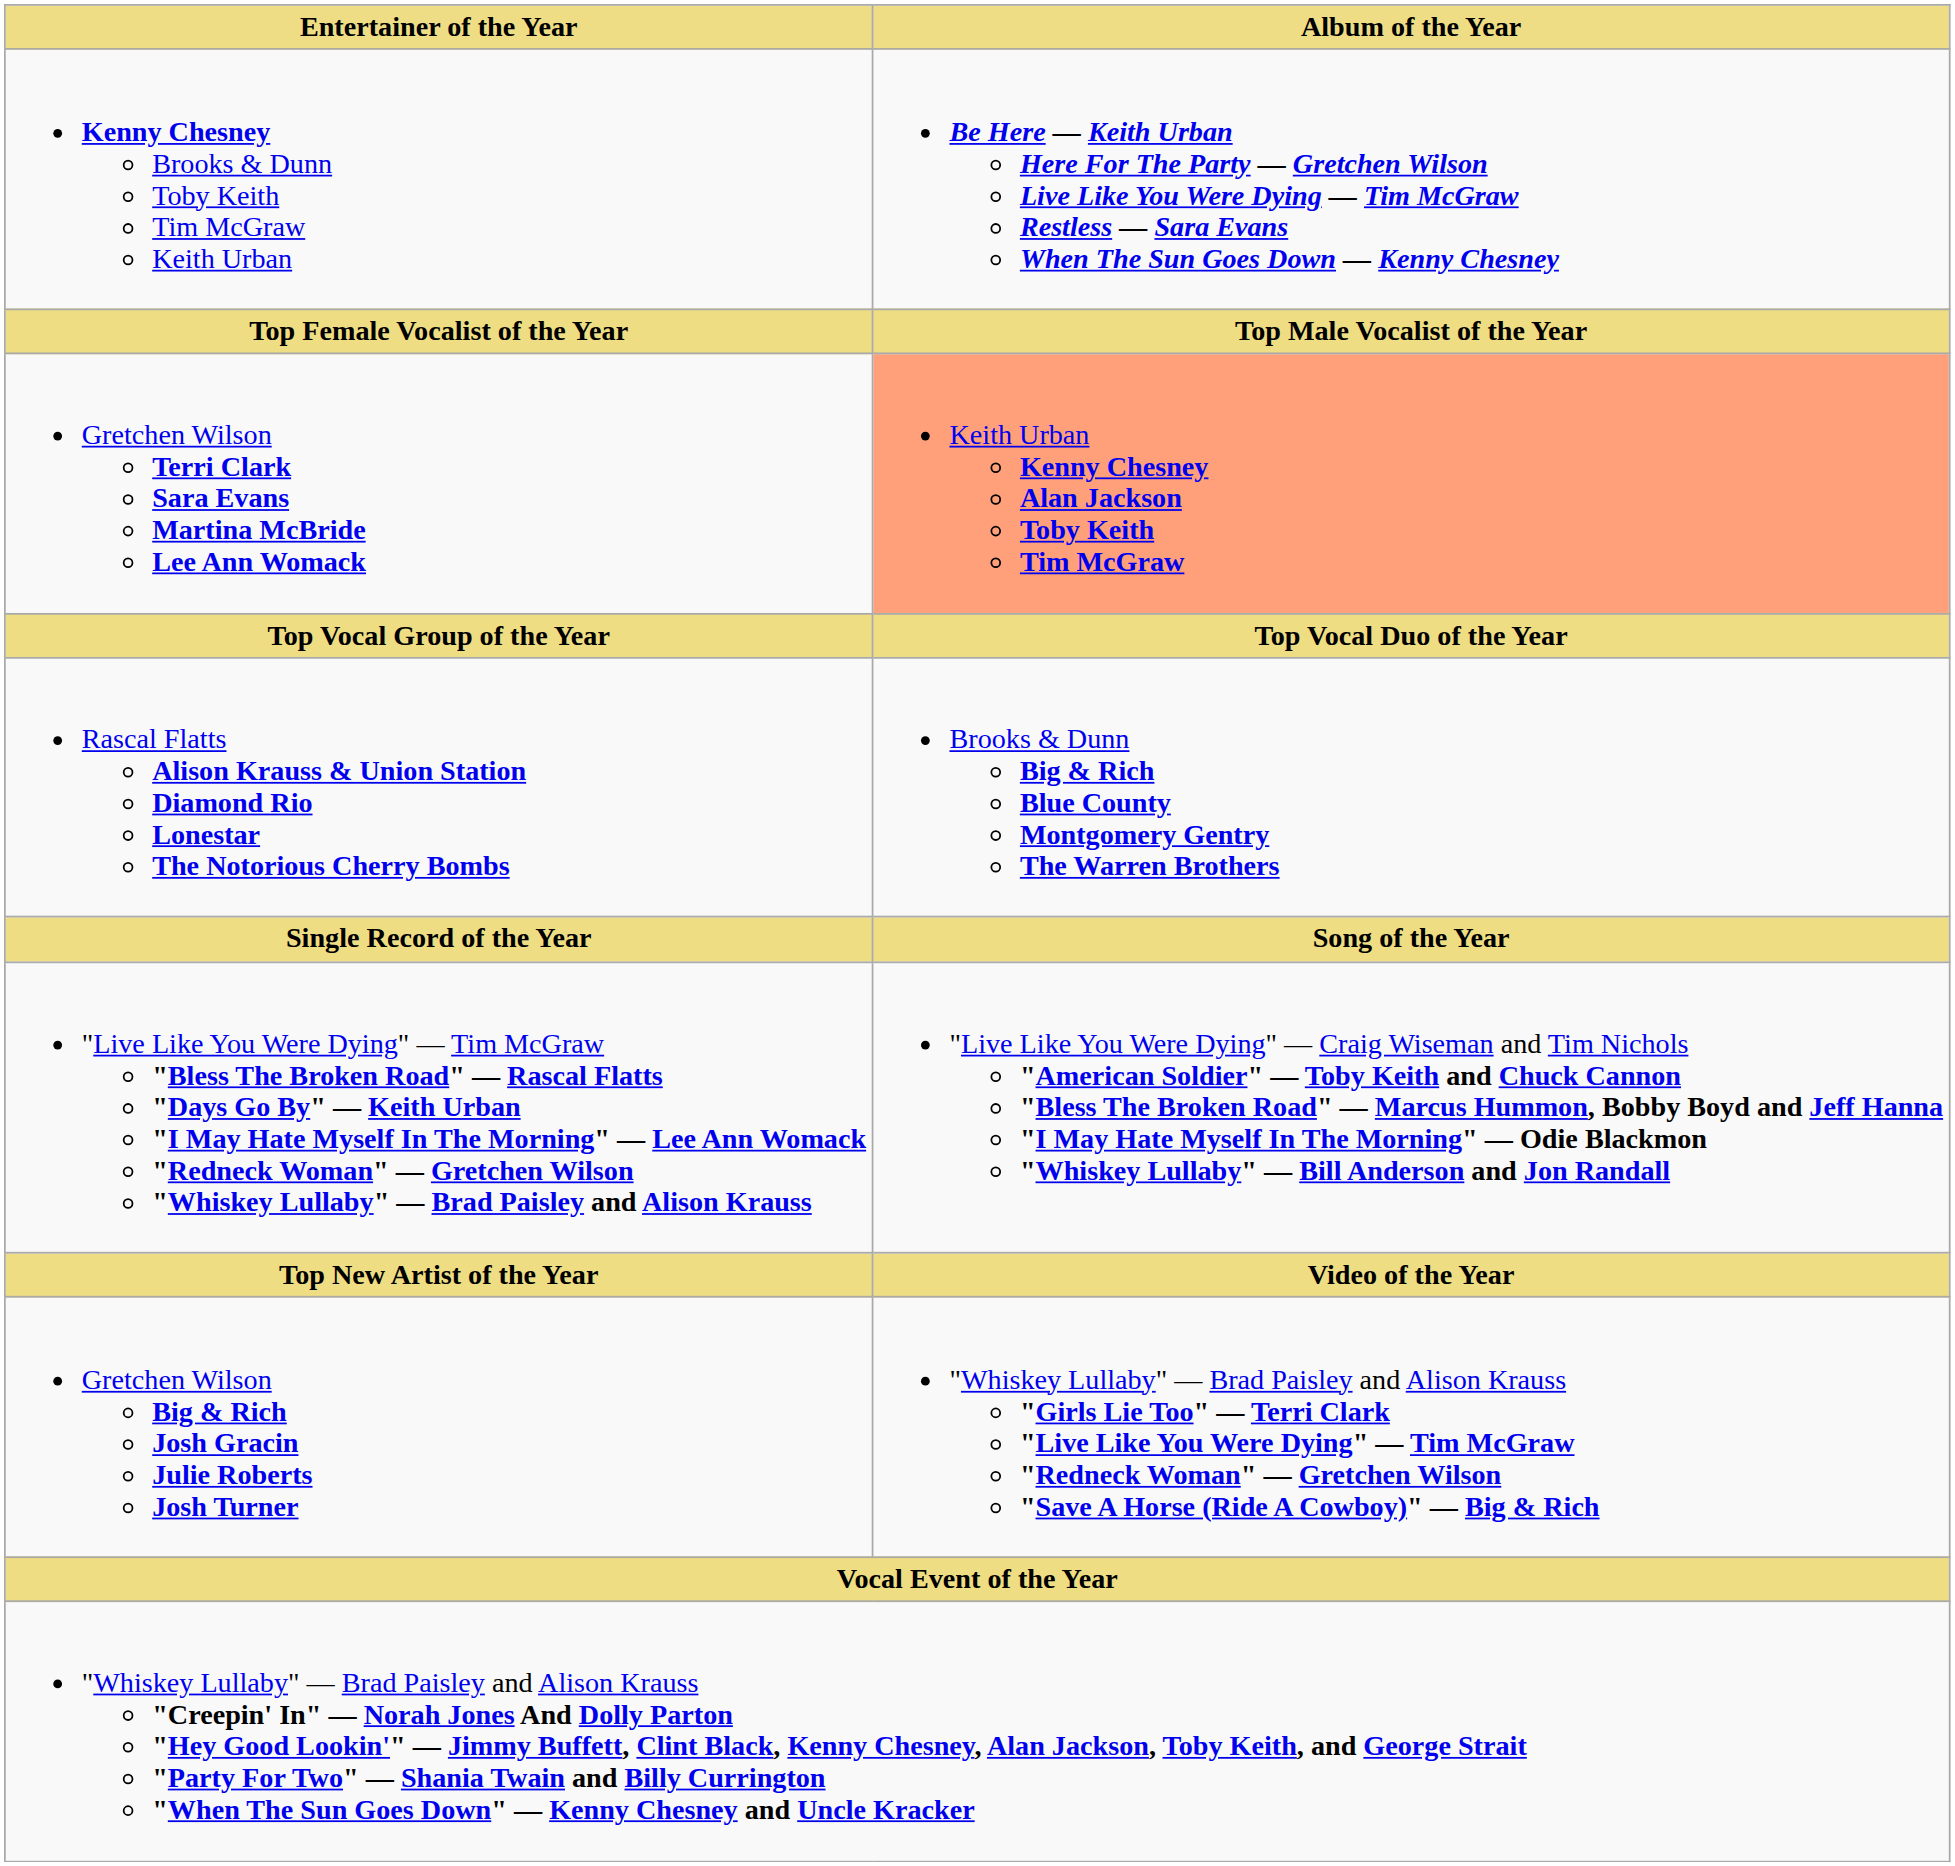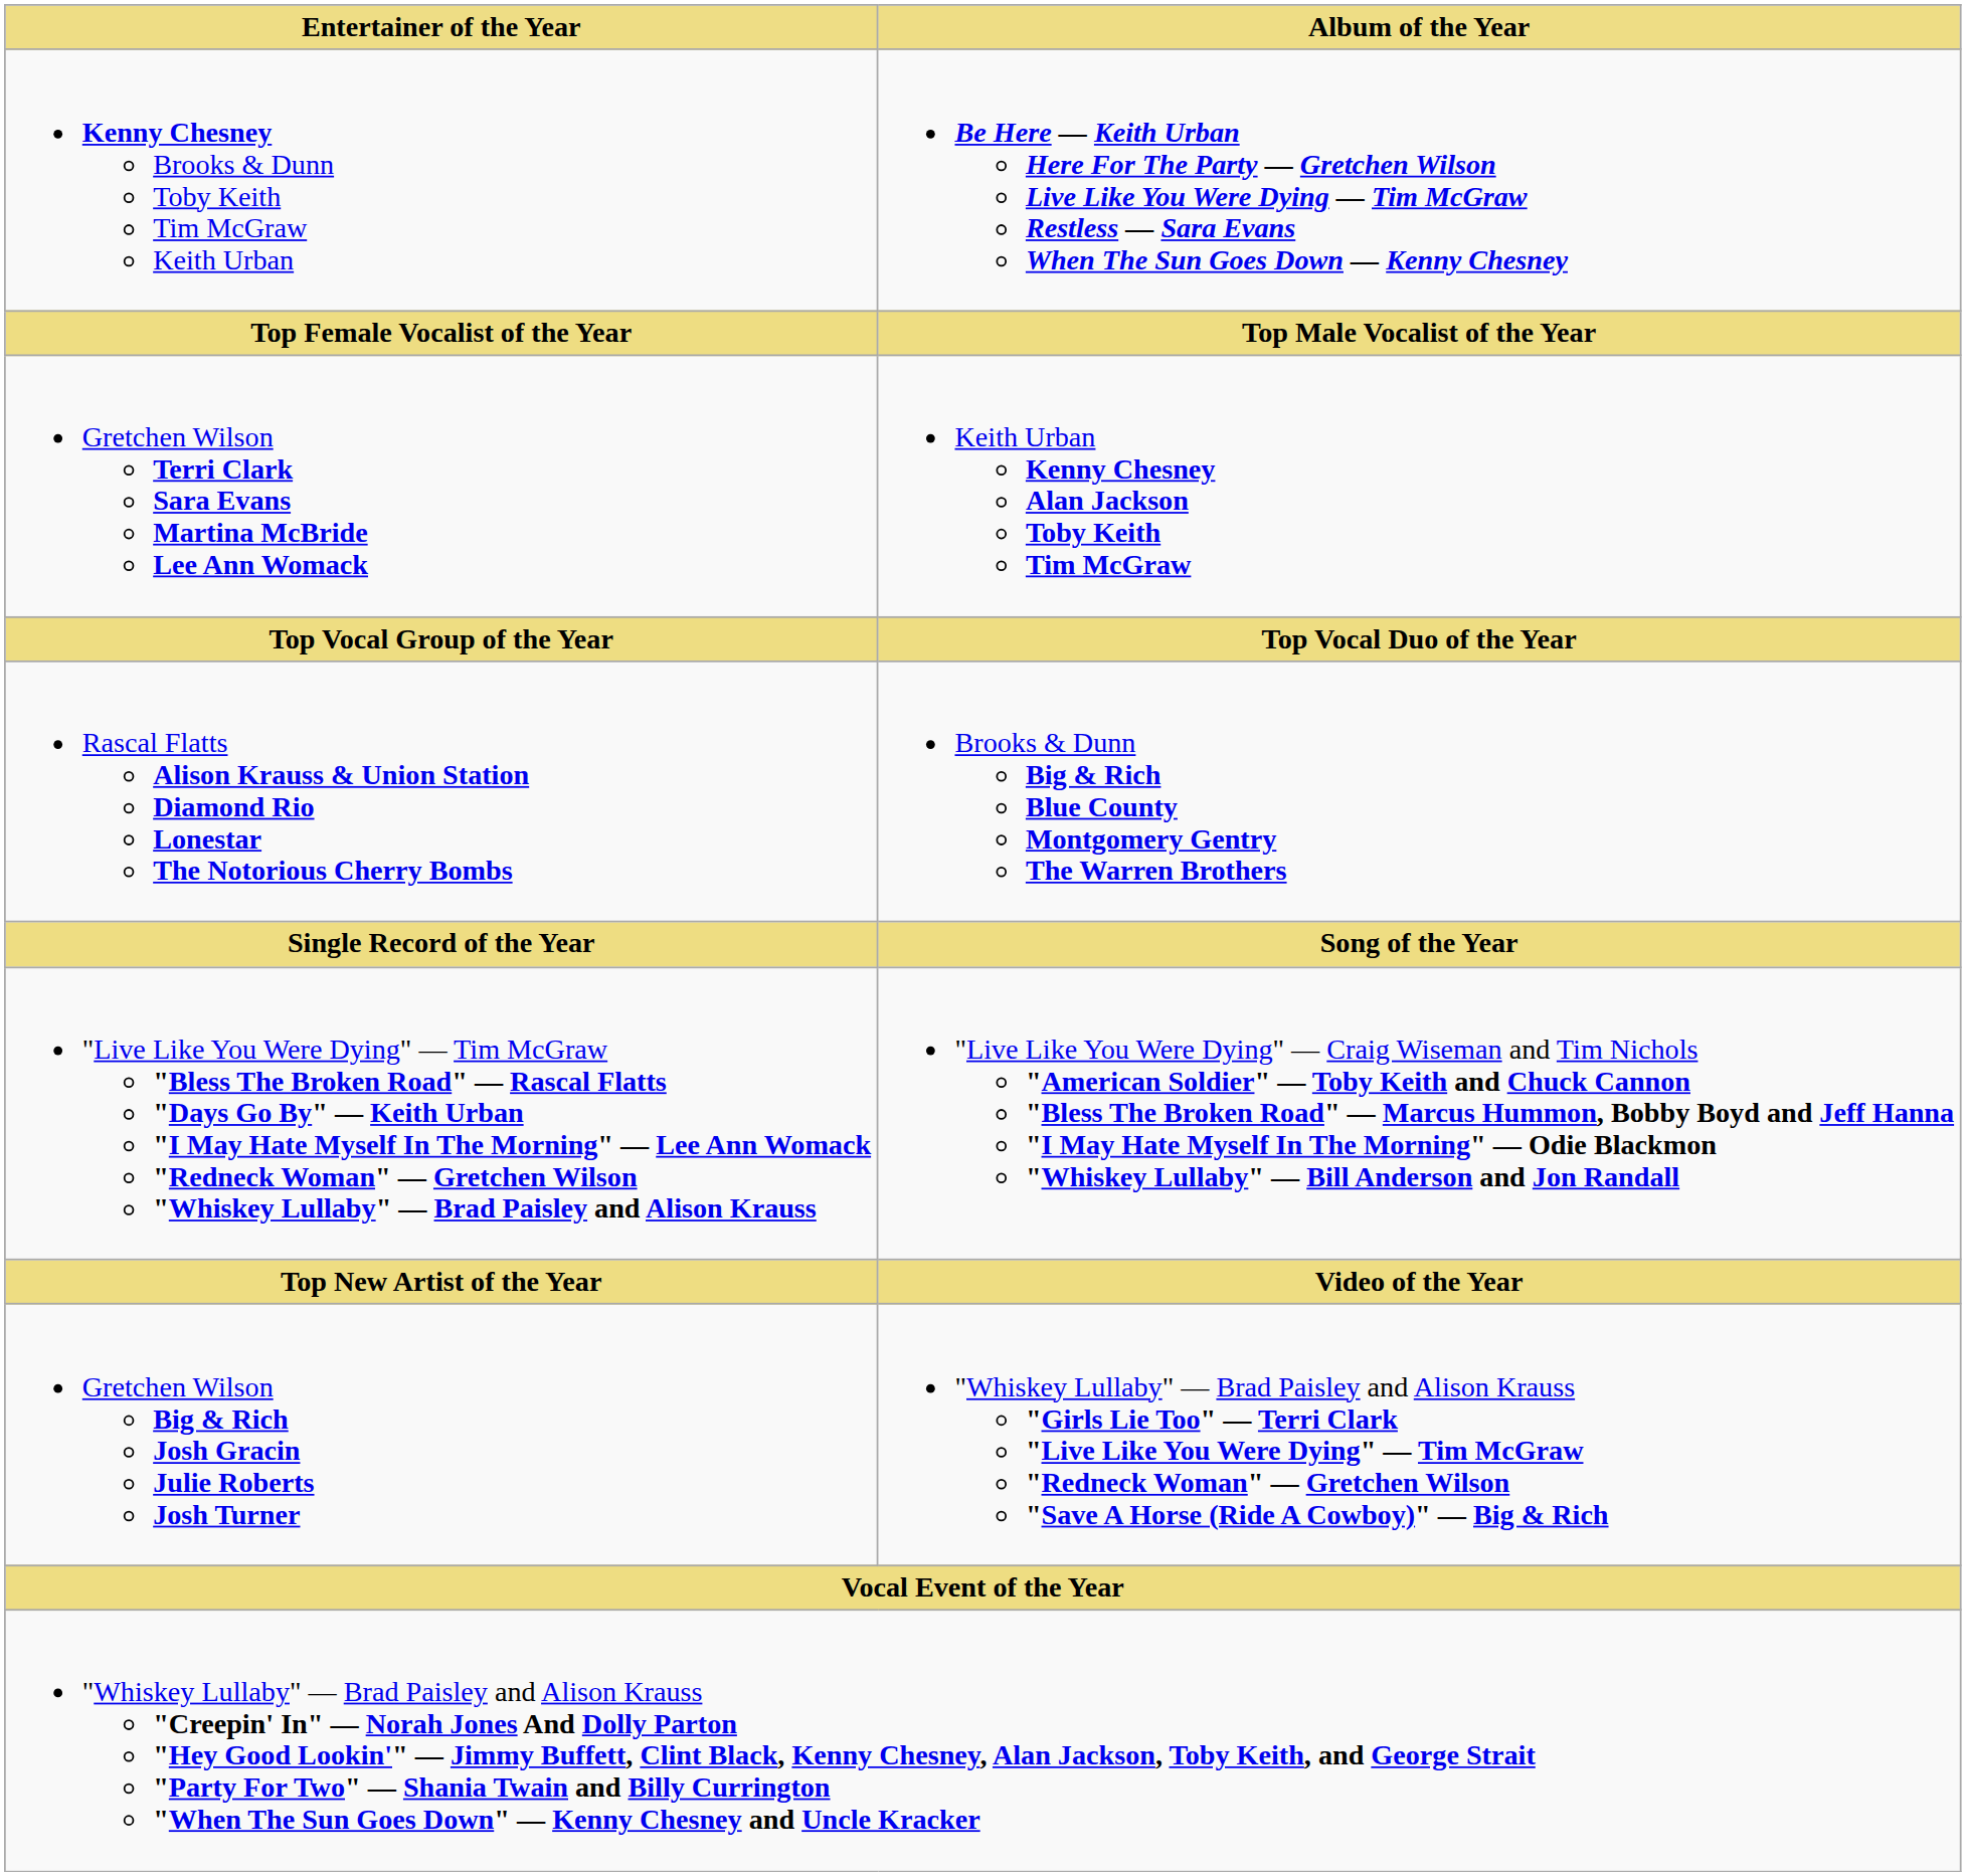 <table class="wikitable">
 <tr>
 <th style="background:#EEDD85; width=50%">Entertainer of the Year</th>
 <th style="background:#EEDD85; width=50%">Album of the Year</th>
 </tr>
 <tr>
 <td valign="top"><br><ul><li><strong><a href='#'>Kenny Chesney</a></strong><ul><li><a href='#'>Brooks & Dunn</a></li><li><a href='#'>Toby Keith</a></li><li><a href='#'>Tim McGraw</a></li><li><a href='#'>Keith Urban</a></li></ul></li></ul></td>
 <td valign="top"><br><ul><li><strong><em><a href='#'>Be Here</a><em> — <a href='#'>Keith Urban</a><strong><ul><li></em><a href='#'>Here For The Party</a><em> — <a href='#'>Gretchen Wilson</a></li><li></em><a href='#'>Live Like You Were Dying</a><em> — <a href='#'>Tim McGraw</a></li><li></em><a href='#'>Restless</a><em> — <a href='#'>Sara Evans</a></li><li></em><a href='#'>When The Sun Goes Down</a><em> — <a href='#'>Kenny Chesney</a></li></ul></li></ul></td>
 </tr>
 <tr>
 <th style="background:#EEDD82; width=50%">Top Female Vocalist of the Year</th>
 <th style="background:#EEDD82; width=50%">Top Male Vocalist of the Year</th>
 </tr>
 <tr>
 <td valign="top"><br><ul><li></strong><a href='#'>Gretchen Wilson</a><strong><ul><li><a href='#'>Terri Clark</a></li><li><a href='#'>Sara Evans</a></li><li><a href='#'>Martina McBride</a></li><li><a href='#'>Lee Ann Womack</a></li></ul></li></ul></td>
-<td valign="top" style="background: lightsalmon;"><br><ul><li></strong><a href='#'>Keith Urban</a><strong><ul><li><a href='#'>Kenny Chesney</a></li><li><a href='#'>Alan Jackson</a></li><li><a href='#'>Toby Keith</a></li><li><a href='#'>Tim McGraw</a></li></ul></li></ul></td>
+<td valign="top"><br><ul><li></strong><a href='#'>Keith Urban</a><strong><ul><li><a href='#'>Kenny Chesney</a></li><li><a href='#'>Alan Jackson</a></li><li><a href='#'>Toby Keith</a></li><li><a href='#'>Tim McGraw</a></li></ul></li></ul></td>
 </tr>
 <tr>
 <th style="background:#EEDD82; width=50%">Top Vocal Group of the Year</th>
 <th style="background:#EEDD82; width=50%">Top Vocal Duo of the Year</th>
 </tr>
 <tr>
 <td valign="top"><br><ul><li></strong><a href='#'>Rascal Flatts</a><strong><ul><li><a href='#'>Alison Krauss & Union Station</a></li><li><a href='#'>Diamond Rio</a></li><li><a href='#'>Lonestar</a></li><li><a href='#'>The Notorious Cherry Bombs</a></li></ul></li></ul></td>
 <td valign="top"><br><ul><li></strong><a href='#'>Brooks & Dunn</a><strong><ul><li><a href='#'>Big & Rich</a></li><li><a href='#'>Blue County</a></li><li><a href='#'>Montgomery Gentry</a></li><li><a href='#'>The Warren Brothers</a></li></ul></li></ul></td>
 </tr>
 <tr>
 <th style="background:#EEDD82; width=50%">Single Record of the Year</th>
 <th style="background:#EEDD82; width=50%">Song of the Year</th>
 </tr>
 <tr>
 <td valign="top"><br><ul><li></strong>"<a href='#'>Live Like You Were Dying</a>" — <a href='#'>Tim McGraw</a><strong><ul><li>"<a href='#'>Bless The Broken Road</a>" — <a href='#'>Rascal Flatts</a></li><li>"<a href='#'>Days Go By</a>" — <a href='#'>Keith Urban</a></li><li>"<a href='#'>I May Hate Myself In The Morning</a>" — <a href='#'>Lee Ann Womack</a></li><li>"<a href='#'>Redneck Woman</a>" — <a href='#'>Gretchen Wilson</a></li><li>"<a href='#'>Whiskey Lullaby</a>" — <a href='#'>Brad Paisley</a> and <a href='#'>Alison Krauss</a></li></ul></li></ul></td>
 <td valign="top"><br><ul><li></strong>"<a href='#'>Live Like You Were Dying</a>" — <a href='#'>Craig Wiseman</a> and <a href='#'>Tim Nichols</a><strong><ul><li>"<a href='#'>American Soldier</a>" — <a href='#'>Toby Keith</a> and <a href='#'>Chuck Cannon</a></li><li>"<a href='#'>Bless The Broken Road</a>" — <a href='#'>Marcus Hummon</a>, Bobby Boyd and <a href='#'>Jeff Hanna</a></li><li>"<a href='#'>I May Hate Myself In The Morning</a>" — Odie Blackmon</li><li>"<a href='#'>Whiskey Lullaby</a>" — <a href='#'>Bill Anderson</a> and <a href='#'>Jon Randall</a></li></ul></li></ul></td>
 </tr>
 <tr>
 <th style="background:#EEDD82; width=50%">Top New Artist of the Year</th>
 <th style="background:#EEDD82; width=50%">Video of the Year</th>
 </tr>
 <tr>
 <td valign="top"><br><ul><li></strong><a href='#'>Gretchen Wilson</a><strong><ul><li><a href='#'>Big & Rich</a></li><li><a href='#'>Josh Gracin</a></li><li><a href='#'>Julie Roberts</a></li><li><a href='#'>Josh Turner</a></li></ul></li></ul></td>
 <td valign="top"><br><ul><li></strong>"<a href='#'>Whiskey Lullaby</a>" — <a href='#'>Brad Paisley</a> and <a href='#'>Alison Krauss</a><strong><ul><li>"<a href='#'>Girls Lie Too</a>" — <a href='#'>Terri Clark</a></li><li>"<a href='#'>Live Like You Were Dying</a>" — <a href='#'>Tim McGraw</a></li><li>"<a href='#'>Redneck Woman</a>" — <a href='#'>Gretchen Wilson</a></li><li>"<a href='#'>Save A Horse (Ride A Cowboy)</a>" — <a href='#'>Big & Rich</a></li></ul></li></ul></td>
 </tr>
 <tr>
 <th colspan="2" style="background:#EEDD82; width=50%">Vocal Event of the Year</th>
 </tr>
 <tr>
 <td colspan="2"><br><ul><li></strong>"<a href='#'>Whiskey Lullaby</a>" — <a href='#'>Brad Paisley</a> and <a href='#'>Alison Krauss</a><strong><ul><li>"Creepin' In" — <a href='#'>Norah Jones</a> And <a href='#'>Dolly Parton</a></li><li>"<a href='#'>Hey Good Lookin'</a>" — <a href='#'>Jimmy Buffett</a>, <a href='#'>Clint Black</a>, <a href='#'>Kenny Chesney</a>, <a href='#'>Alan Jackson</a>, <a href='#'>Toby Keith</a>, and <a href='#'>George Strait</a></li><li>"<a href='#'>Party For Two</a>" — <a href='#'>Shania Twain</a> and <a href='#'>Billy Currington</a></li><li>"<a href='#'>When The Sun Goes Down</a>" — <a href='#'>Kenny Chesney</a> and <a href='#'>Uncle Kracker</a></li></ul></li></ul></td>
 </tr>
 </table>
